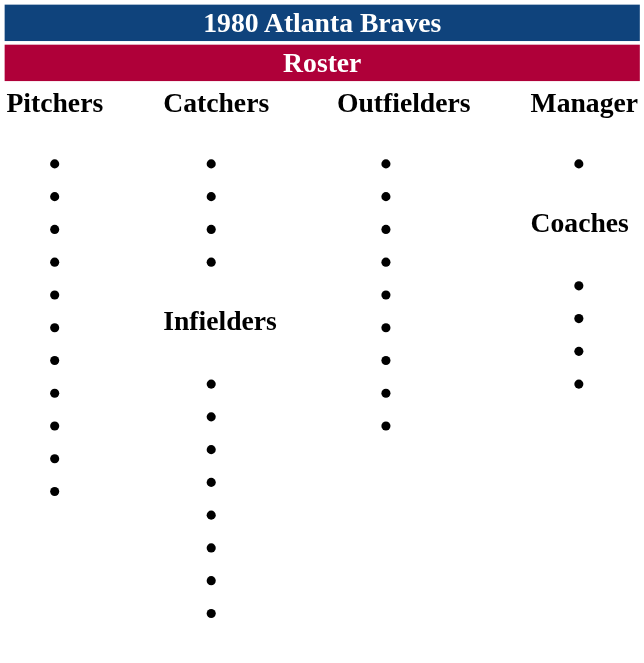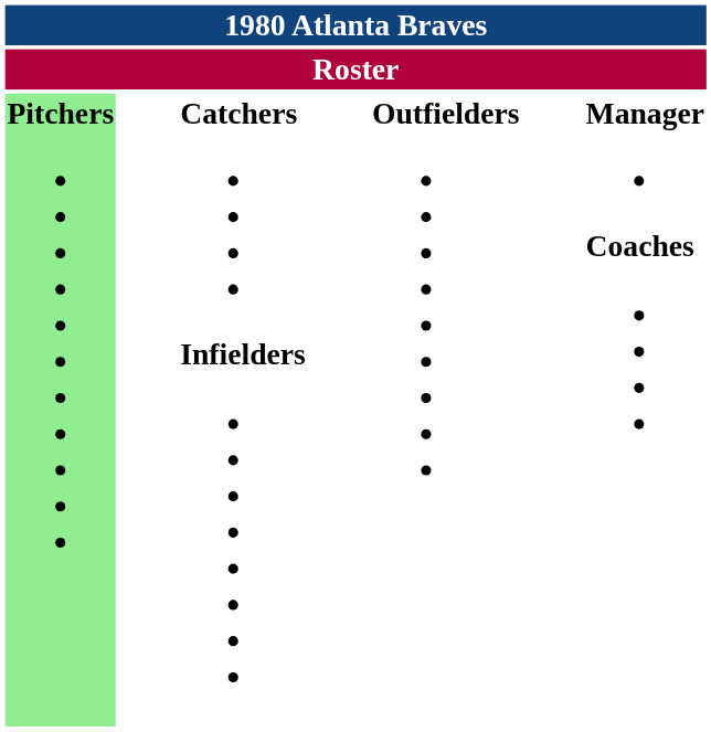 <table class="toccolours" style="font-size: 95%;">
 <tr>
 <th colspan="10" style="background-color: #0f437c; color: white; text-align: center;">1980 Atlanta Braves</th>
 </tr>
 <tr>
 <td colspan="10" style="background-color: #af0039; color: white; text-align: center;"><strong>Roster</strong></td>
 </tr>
 <tr>
-<td valign="top"><strong>Pitchers</strong><br><ul><li></li><li></li><li></li><li></li><li></li><li></li><li></li><li></li><li></li><li></li><li></li></ul></td>
+<td valign="top" style="background: lightgreen;"><strong>Pitchers</strong><br><ul><li></li><li></li><li></li><li></li><li></li><li></li><li></li><li></li><li></li><li></li><li></li></ul></td>
 <td width="25px"></td>
 <td valign="top"><strong>Catchers</strong><br><ul><li></li><li></li><li></li><li></li></ul><strong>Infielders</strong><ul><li></li><li></li><li></li><li></li><li></li><li></li><li></li><li></li></ul></td>
 <td width="25px"></td>
 <td valign="top"><strong>Outfielders</strong><br><ul><li></li><li></li><li></li><li></li><li></li><li></li><li></li><li></li><li></li></ul></td>
 <td width="25px"></td>
 <td valign="top"><strong>Manager</strong><br><ul><li></li></ul><strong>Coaches</strong><ul><li></li><li></li><li></li><li></li></ul></td>
 </tr>
 </table>
